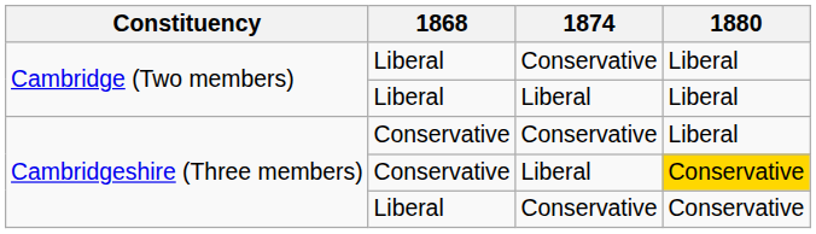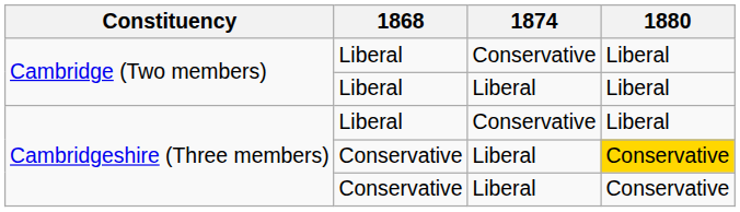 <table class="wikitable">
 <tr>
 <th>Constituency</th>
 <th>1868</th>
 <th>1874</th>
 <th>1880</th>
 </tr>
 <tr>
 <td rowspan="2"><a href='#'>Cambridge</a> (Two members)</td>
 <td>Liberal</td>
 <td>Conservative</td>
 <td>Liberal</td>
 </tr>
 <tr>
 <td>Liberal</td>
 <td>Liberal</td>
 <td>Liberal</td>
 </tr>
 <tr>
 <td rowspan="3"><a href='#'>Cambridgeshire</a> (Three members)</td>
-<td>Conservative</td>
+<td>Liberal</td>
 <td>Conservative</td>
 <td>Liberal</td>
 </tr>
 <tr>
 <td>Conservative</td>
 <td>Liberal</td>
 <td style="background: gold;">Conservative</td>
 </tr>
 <tr>
+<td>Conservative</td>
 <td>Liberal</td>
-<td>Conservative</td>
 <td>Conservative</td>
 </tr>
 </table>
